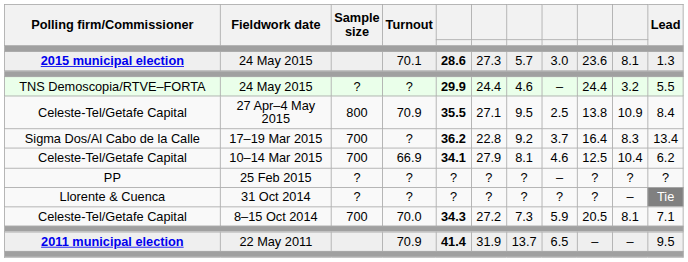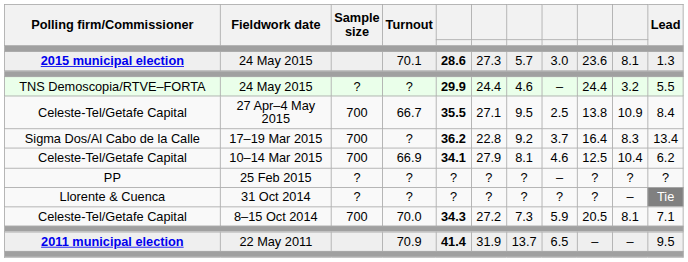 <table class="wikitable collapsible collapsed" style="text-align:center; font-size:95%; line-height:16px;">
 <tr style="height:42px;">
 <th style="width:250px;" rowspan="2">Polling firm/Commissioner</th>
 <th style="width:125px;" rowspan="2">Fieldwork date</th>
 <th style="width:50px;" rowspan="2">Sample size</th>
 <th style="width:45px;" rowspan="2">Turnout</th>
 <th style="width:35px;"></th>
 <th style="width:35px;"></th>
 <th style="width:35px;"></th>
 <th style="width:35px;"></th>
 <th style="width:35px;"></th>
 <th style="width:35px;"></th>
 <th style="width:30px;" rowspan="2">Lead</th>
 </tr>
 <tr>
 <th style="color:inherit;background:"></th>
 <th style="color:inherit;background:"></th>
 <th style="color:inherit;background:"></th>
 <th style="color:inherit;background:"></th>
 <th style="color:inherit;background:"></th>
 <th style="color:inherit;background:"></th>
 </tr>
 <tr>
 <td colspan="11" style="background:#A0A0A0"></td>
 </tr>
 <tr style="background:#EFEFEF;">
 <td><strong><a href='#'>2015 municipal election</a></strong></td>
 <td>24 May 2015</td>
 <td></td>
 <td>70.1</td>
 <td><strong>28.6</strong><br></td>
 <td>27.3<br></td>
 <td>5.7<br></td>
 <td>3.0<br></td>
 <td>23.6<br></td>
 <td>8.1<br></td>
 <td style="background:">1.3</td>
 </tr>
 <tr>
 <td colspan="11" style="background:#A0A0A0"></td>
 </tr>
 <tr style="background:#EAFFEA;">
 <td>TNS Demoscopia/RTVE–FORTA</td>
 <td>24 May 2015</td>
 <td>?</td>
 <td>?</td>
 <td><strong>29.9</strong><br></td>
 <td>24.4<br></td>
 <td>4.6<br></td>
 <td>–</td>
 <td>24.4<br></td>
 <td>3.2<br></td>
 <td style="background:">5.5</td>
 </tr>
 <tr>
 <td>Celeste-Tel/Getafe Capital</td>
 <td>27 Apr–4 May 2015</td>
-<td>800</td>
-<td>70.9</td>
+<td>700</td>
+<td>66.7</td>
 <td><strong>35.5</strong><br></td>
 <td>27.1<br></td>
 <td>9.5<br></td>
 <td>2.5<br></td>
 <td>13.8<br></td>
 <td>10.9<br></td>
 <td style="background:">8.4</td>
 </tr>
 <tr>
 <td>Sigma Dos/Al Cabo de la Calle</td>
 <td>17–19 Mar 2015</td>
 <td>700</td>
 <td>?</td>
 <td><strong>36.2</strong><br></td>
 <td>22.8<br></td>
 <td>9.2<br></td>
 <td>3.7<br></td>
 <td>16.4<br></td>
 <td>8.3<br></td>
 <td style="background:">13.4</td>
 </tr>
 <tr>
 <td>Celeste-Tel/Getafe Capital</td>
 <td>10–14 Mar 2015</td>
 <td>700</td>
 <td>66.9</td>
 <td><strong>34.1</strong><br></td>
 <td>27.9<br></td>
 <td>8.1<br></td>
 <td>4.6<br></td>
 <td>12.5<br></td>
 <td>10.4<br></td>
 <td style="background:">6.2</td>
 </tr>
 <tr>
 <td>PP</td>
 <td>25 Feb 2015</td>
 <td>?</td>
 <td>?</td>
 <td>?<br></td>
 <td>?<br></td>
 <td>?<br></td>
 <td>–</td>
 <td>?<br></td>
 <td>?<br></td>
 <td style="background:">?</td>
 </tr>
 <tr>
 <td>Llorente & Cuenca</td>
 <td>31 Oct 2014</td>
 <td>?</td>
 <td>?</td>
 <td>?<br></td>
 <td>?<br></td>
 <td>?<br></td>
 <td>?<br></td>
 <td>?<br></td>
 <td>–</td>
 <td style="background:gray; color:white;">Tie</td>
 </tr>
 <tr>
 <td>Celeste-Tel/Getafe Capital</td>
 <td>8–15 Oct 2014</td>
 <td>700</td>
 <td>70.0</td>
 <td><strong>34.3</strong><br></td>
 <td>27.2<br></td>
 <td>7.3<br></td>
 <td>5.9<br></td>
 <td>20.5<br></td>
 <td>8.1<br></td>
 <td style="background:">7.1</td>
 </tr>
 <tr>
 <td colspan="11" style="background:#A0A0A0"></td>
 </tr>
 <tr style="background:#EFEFEF;">
 <td><strong><a href='#'>2011 municipal election</a></strong></td>
 <td>22 May 2011</td>
 <td></td>
 <td>70.9</td>
 <td><strong>41.4</strong><br></td>
 <td>31.9<br></td>
 <td>13.7<br></td>
 <td>6.5<br></td>
 <td>–</td>
 <td>–</td>
 <td style="background:">9.5</td>
 </tr>
 <tr>
 <td colspan="11" style="background:#A0A0A0"></td>
 </tr>
 </table>
